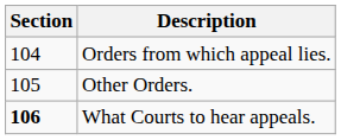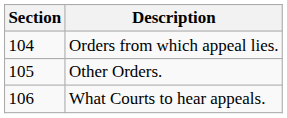 <table class="wikitable">
 <tr>
 <th>Section</th>
 <th>Description</th>
 </tr>
 <tr>
 <td>104</td>
 <td>Orders from which appeal lies.</td>
 </tr>
 <tr>
 <td>105</td>
 <td>Other Orders.</td>
 </tr>
 <tr>
-<td><strong>106</strong></td>
+<td>106</td>
 <td>What Courts to hear appeals.</td>
 </tr>
 </table>
